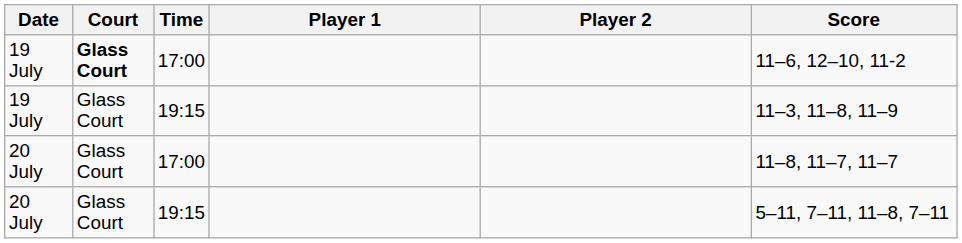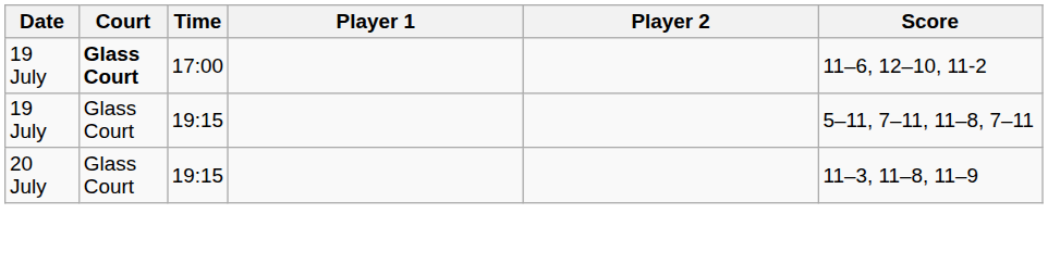 <table class="sortable wikitable" style="font-size:90%">
 <tr>
 <th width="45" class="unsortable">Date</th>
 <th width="55">Court</th>
 <th width="30">Time</th>
 <th width="200">Player 1</th>
 <th width="200">Player 2</th>
 <th width="150" class="unsortable">Score</th>
 </tr>
 <tr>
 <td>19 July</td>
 <td><strong>Glass Court</strong></td>
 <td>17:00</td>
 <td><strong></strong></td>
 <td></td>
 <td>11–6, 12–10, 11-2</td>
 </tr>
 <tr>
 <td>19 July</td>
 <td>Glass Court</td>
 <td>19:15</td>
 <td><strong></strong></td>
 <td></td>
-<td>11–3, 11–8, 11–9</td>
-</tr>
-<tr>
-<td>20 July</td>
-<td>Glass Court</td>
-<td>17:00</td>
-<td><strong></strong></td>
-<td></td>
-<td>11–8, 11–7, 11–7</td>
+<td>5–11, 7–11, 11–8, 7–11</td>
 </tr>
 <tr>
 <td>20 July</td>
 <td>Glass Court</td>
 <td>19:15</td>
 <td></td>
 <td><strong></strong></td>
-<td>5–11, 7–11, 11–8, 7–11</td>
+<td>11–3, 11–8, 11–9</td>
 </tr>
 </table>
